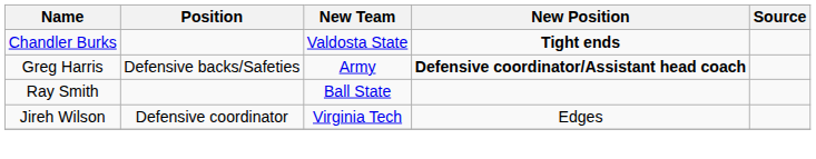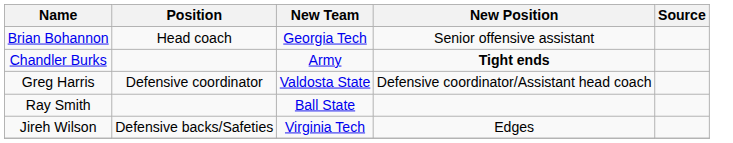 <table class="wikitable">
 <tr>
 <th style="text-align:center; ">Name</th>
 <th style="text-align:center; ">Position</th>
 <th style="text-align:center; ">New Team</th>
 <th style="text-align:center; ">New Position</th>
 <th style="text-align:center; ">Source</th>
 </tr>
 <tr align="center">
+<td><a href='#'>Brian Bohannon</a></td>
+<td>Head coach</td>
+<td><a href='#'>Georgia Tech</a></td>
+<td>Senior offensive assistant</td>
+<td></td>
+</tr>
+<tr align="center">
 <td><a href='#'>Chandler Burks</a></td>
 <td></td>
-<td><a href='#'>Valdosta State</a></td>
+<td><a href='#'>Army</a></td>
 <td><strong>Tight ends</strong></td>
 <td></td>
 </tr>
 <tr align="center">
 <td>Greg Harris</td>
-<td>Defensive backs/Safeties</td>
-<td><a href='#'>Army</a></td>
-<td><strong>Defensive coordinator/Assistant head coach</strong></td>
+<td>Defensive coordinator</td>
+<td><a href='#'>Valdosta State</a></td>
+<td>Defensive coordinator/Assistant head coach</td>
 <td></td>
 </tr>
 <tr align="center">
 <td>Ray Smith</td>
 <td></td>
 <td><a href='#'>Ball State</a></td>
 <td></td>
 <td></td>
 </tr>
 <tr align="center">
 <td>Jireh Wilson</td>
-<td>Defensive coordinator</td>
+<td>Defensive backs/Safeties</td>
 <td><a href='#'>Virginia Tech</a></td>
 <td>Edges</td>
 <td></td>
 </tr>
 <tr>
 </tr>
 </table>
